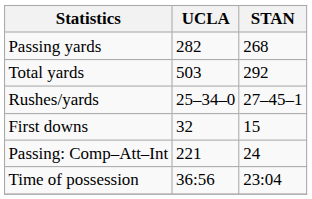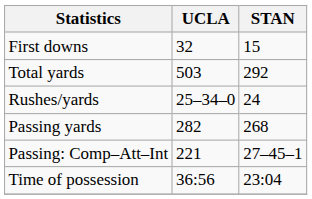 <table class="wikitable" style="float: left;">
 <tr>
 <th>Statistics</th>
 <th>UCLA</th>
 <th>STAN</th>
 </tr>
 <tr>
-<td>Passing yards</td>
-<td>282</td>
-<td>268</td>
+<td>First downs</td>
+<td>32</td>
+<td>15</td>
 </tr>
 <tr>
 <td>Total yards</td>
 <td>503</td>
 <td>292</td>
 </tr>
 <tr>
 <td>Rushes/yards</td>
 <td>25–34–0</td>
-<td>27–45–1</td>
+<td>24</td>
 </tr>
 <tr>
-<td>First downs</td>
-<td>32</td>
-<td>15</td>
+<td>Passing yards</td>
+<td>282</td>
+<td>268</td>
 </tr>
 <tr>
 <td>Passing: Comp–Att–Int</td>
 <td>221</td>
-<td>24</td>
+<td>27–45–1</td>
 </tr>
 <tr>
 <td>Time of possession</td>
 <td>36:56</td>
 <td>23:04</td>
 </tr>
 <tr>
 </tr>
 </table>
